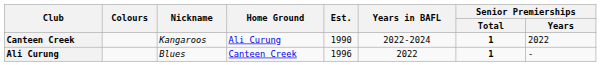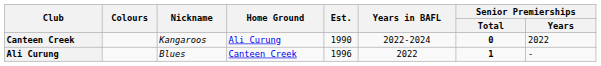 <table class="wikitable sortable" style="text-align:center; width:100%">
 <tr>
 <th rowspan="2">Club</th>
 <th rowspan="2">Colours</th>
 <th rowspan="2">Nickname</th>
 <th rowspan="2">Home Ground</th>
 <th rowspan="2">Est.</th>
 <th rowspan="2">Years in BAFL</th>
 <th colspan="2">Senior Premierships</th>
 </tr>
 <tr>
 <th>Total</th>
 <th>Years</th>
 </tr>
 <tr>
 <th style="text-align:left">Canteen Creek</th>
 <td></td>
 <td align="left"><em>Kangaroos</em></td>
 <td align="left"><a href='#'>Ali Curung</a></td>
 <td>1990</td>
 <td>2022-2024</td>
-<td><strong>1</strong></td>
+<td><strong>0</strong></td>
 <td align="left">2022</td>
 </tr>
 <tr>
 <th style="text-align:left">Ali Curung</th>
 <td></td>
 <td align="left"><em>Blues</em></td>
 <td align="left"><a href='#'>Canteen Creek</a></td>
 <td>1996</td>
 <td>2022</td>
 <td><strong>1</strong></td>
 <td align="left">-</td>
 </tr>
 </table>
